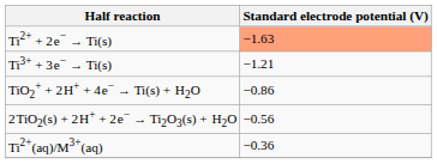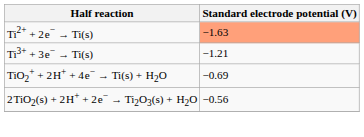 <table class="wikitable" style="textalign:center">
 <tr>
 <th><strong>Half reaction</strong></th>
 <th><strong>Standard electrode potential (V)</strong></th>
 </tr>
 <tr>
 <td>Ti<sup>2+</sup> + 2 e<sup>−</sup> → Ti(s)</td>
 <td style="background: lightsalmon;">−1.63</td>
 </tr>
 <tr>
 <td>Ti<sup>3+</sup> + 3 e<sup>−</sup> → Ti(s)</td>
 <td>−1.21</td>
 </tr>
 <tr>
 <td>TiO<sub>2</sub><sup>+</sup> + 2 H<sup>+</sup> + 4 e<sup>−</sup> → Ti(s) +  H<sub>2</sub>O</td>
-<td>−0.86</td>
+<td>−0.69</td>
 </tr>
 <tr>
 <td>2 TiO<sub>2</sub>(s) + 2 H<sup>+</sup> + 2 e<sup>−</sup> → Ti<sub>2</sub>O<sub>3</sub>(s) +  H<sub>2</sub>O</td>
 <td>−0.56</td>
 </tr>
 <tr>
-<td>Ti<sup>2+</sup>(aq)/M<sup>3+</sup>(aq)</td>
-<td>−0.36</td>
-</tr>
-<tr>
 </tr>
 </table>
